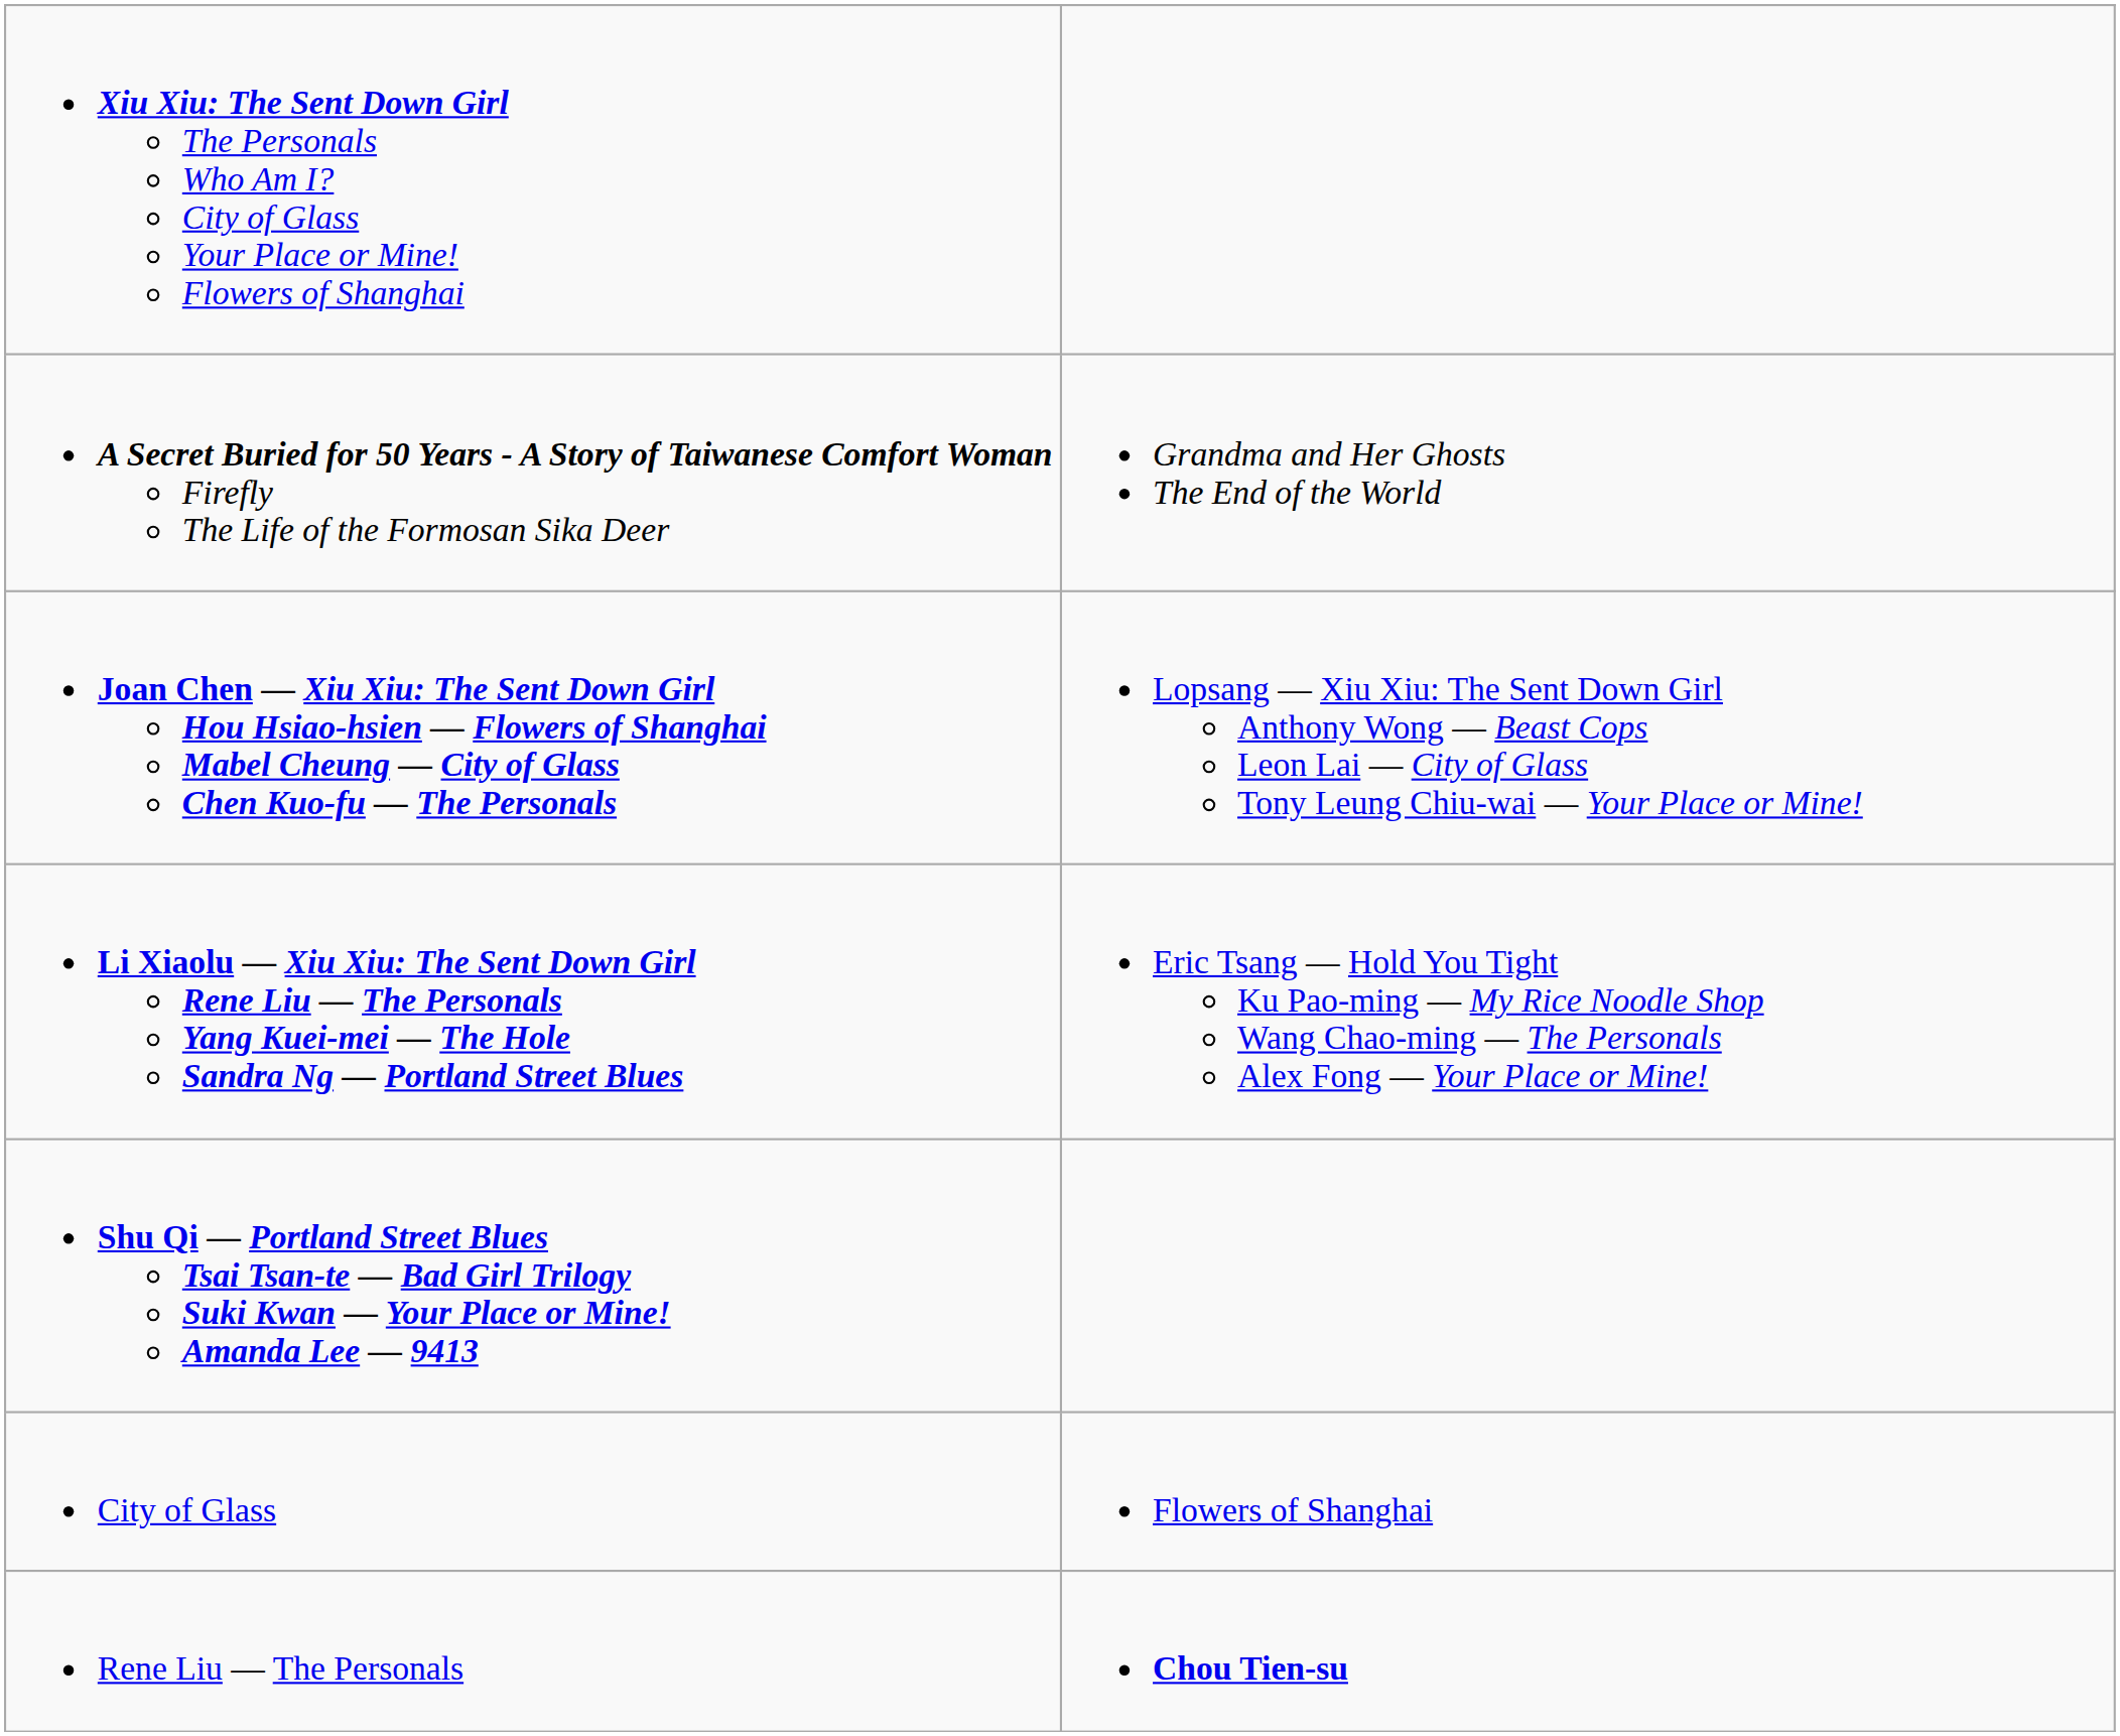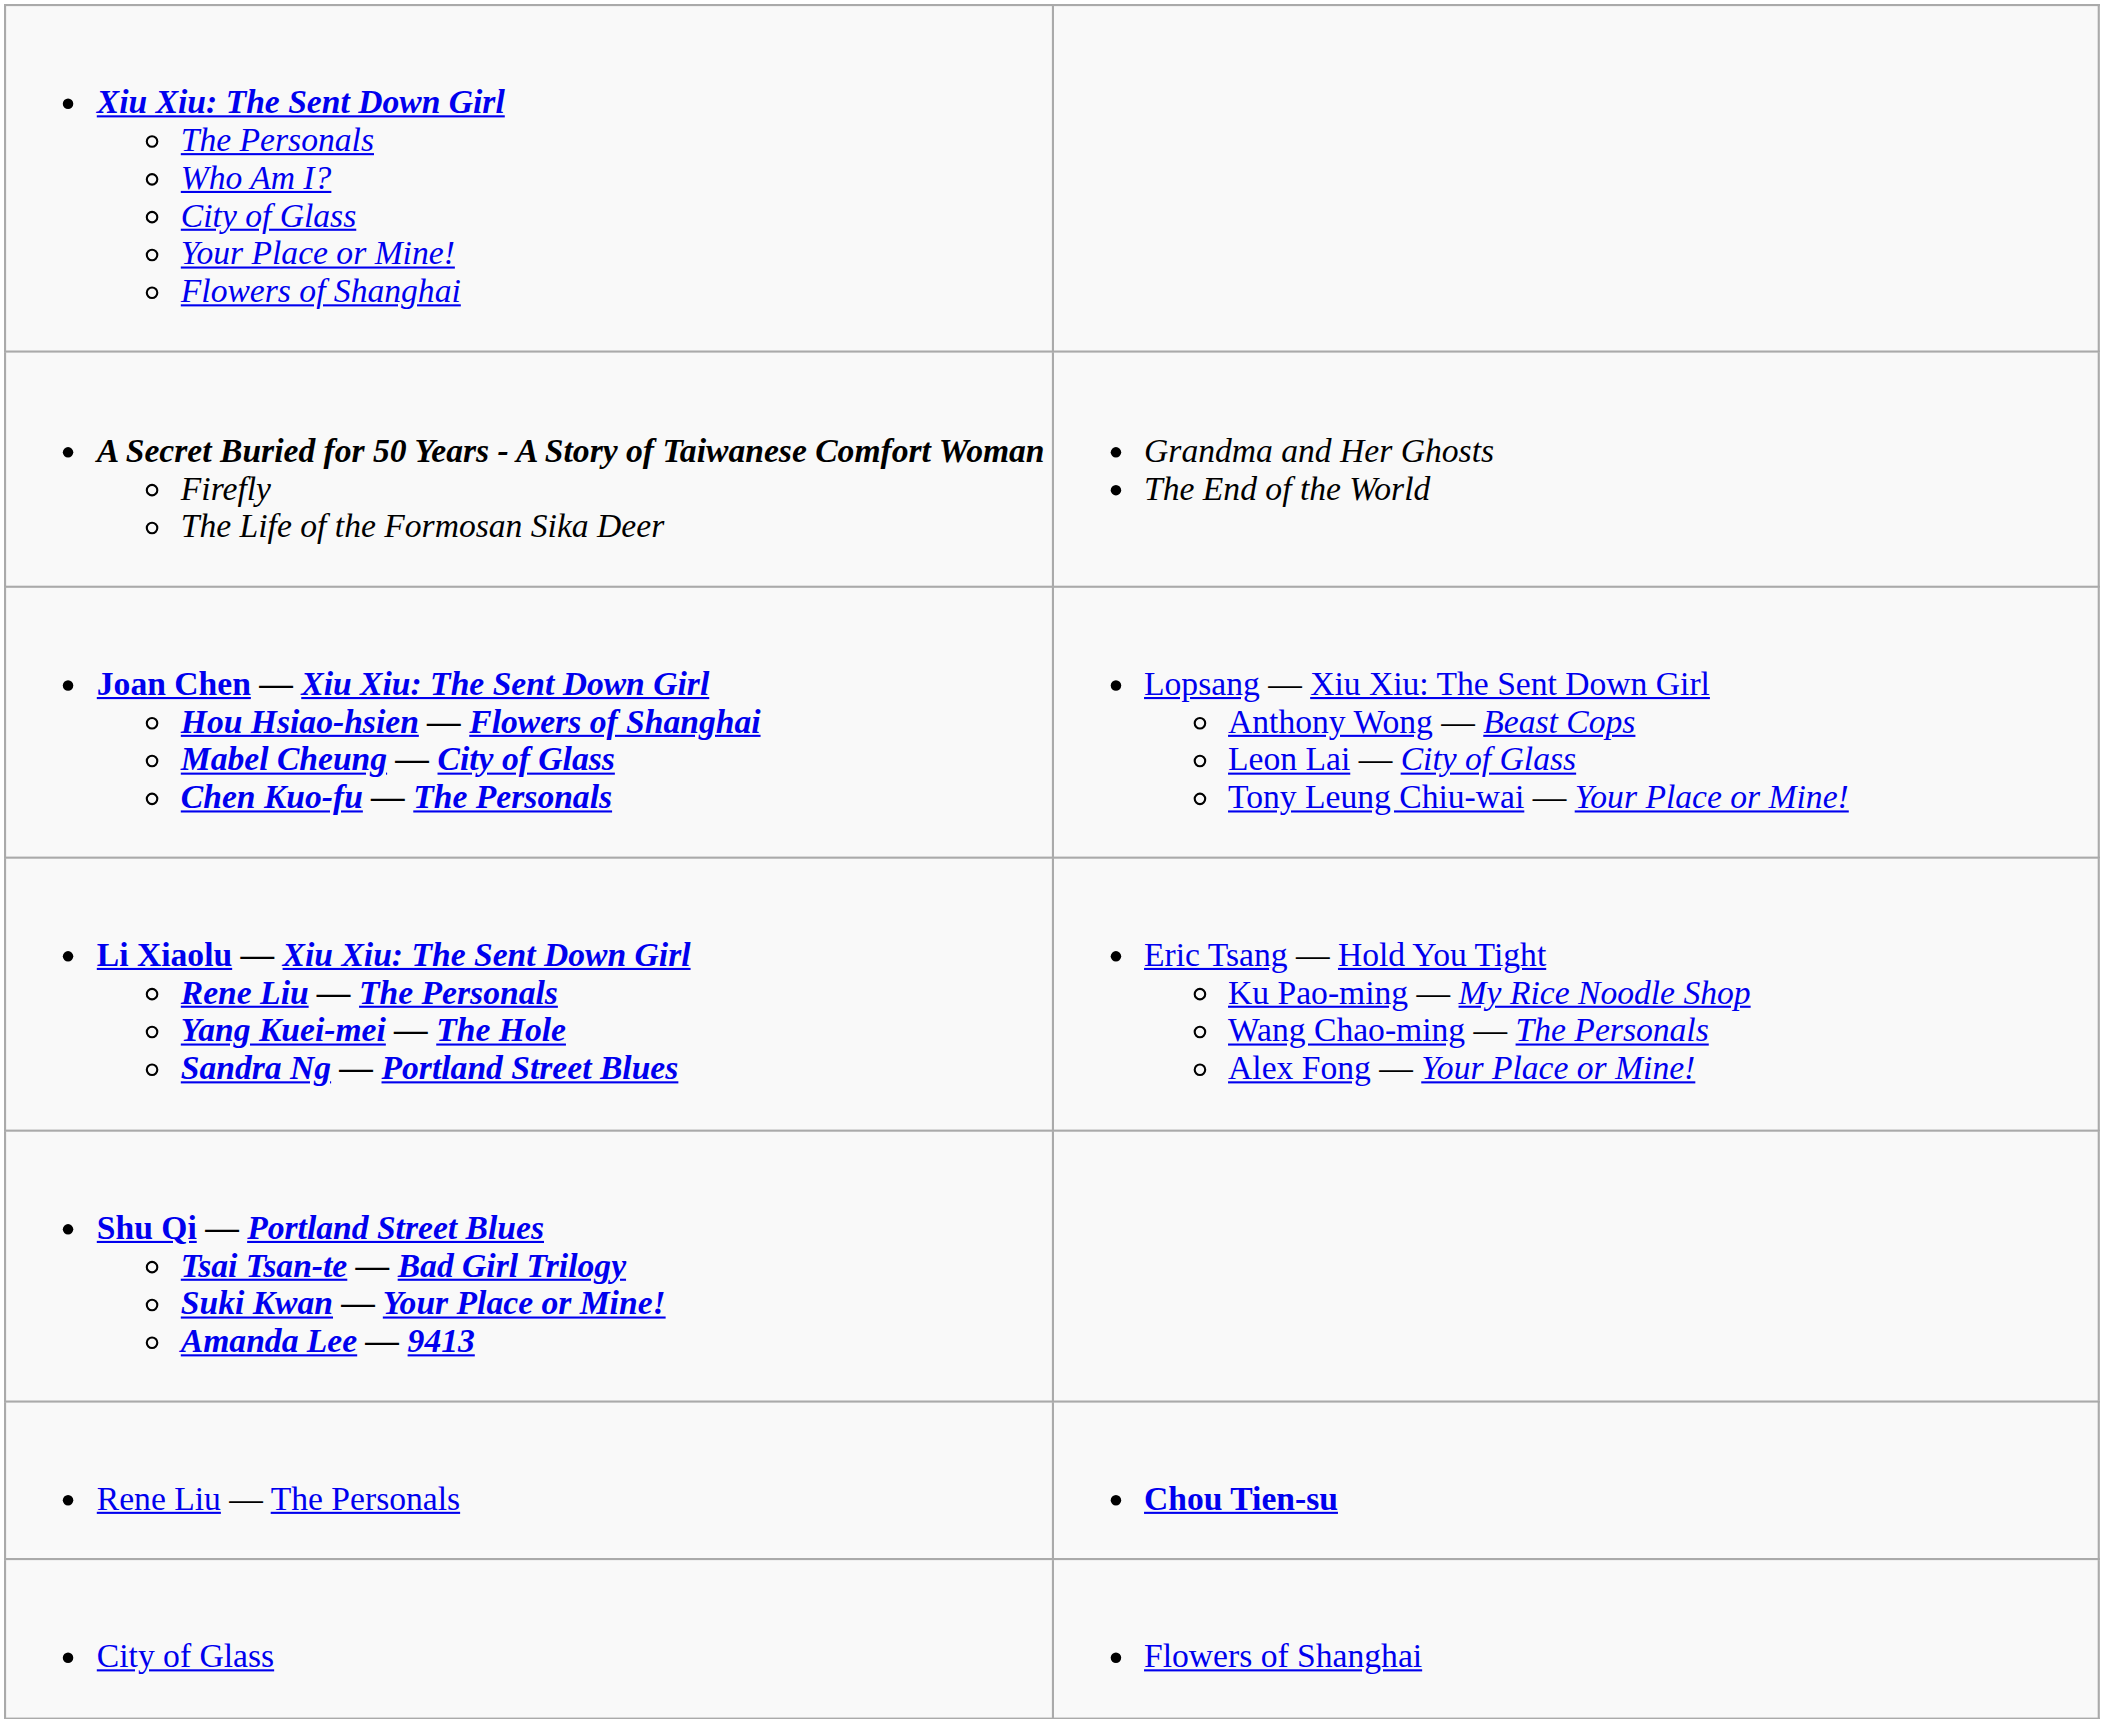 <table class=wikitable>
 <tr>
 <td valign="top" width="50%"><br><ul><li><strong><em><a href='#'>Xiu Xiu: The Sent Down Girl</a></em></strong><ul><li><em><a href='#'>The Personals</a></em></li><li><em><a href='#'>Who Am I?</a></em></li><li><em><a href='#'>City of Glass</a></em></li><li><em><a href='#'>Your Place or Mine!</a></em></li><li><em><a href='#'>Flowers of Shanghai</a></em></li></ul></li></ul></td>
 <td valign="top" width="50%"><br> </td>
 </tr>
 <tr>
 <td valign="top" width="50%"><br><ul><li><strong><em>A Secret Buried for 50 Years - A Story of Taiwanese Comfort Woman</em></strong><ul><li><em>Firefly</em></li><li><em>The Life of the Formosan Sika Deer</em></li></ul></li></ul></td>
 <td valign="top" width="50%"><br><ul><li><em>Grandma and Her Ghosts</em></li><li><em>The End of the World</em></li></ul></td>
 </tr>
 <tr>
 <td valign="top" width="50%"><br><ul><li><strong><a href='#'>Joan Chen</a> — <em><a href='#'>Xiu Xiu: The Sent Down Girl</a><strong><em><ul><li><a href='#'>Hou Hsiao-hsien</a>  — </em><a href='#'>Flowers of Shanghai</a><em></li><li><a href='#'>Mabel Cheung</a> — </em><a href='#'>City of Glass</a><em></li><li><a href='#'>Chen Kuo-fu</a> — </em><a href='#'>The Personals</a><em></li></ul></li></ul></td>
 <td valign="top" width="50%"><br><ul><li></strong><a href='#'>Lopsang</a> — </em><a href='#'>Xiu Xiu: The Sent Down Girl</a></em></strong><ul><li><a href='#'>Anthony Wong</a> — <em><a href='#'>Beast Cops</a></em></li><li><a href='#'>Leon Lai</a> — <em><a href='#'>City of Glass</a></em></li><li><a href='#'>Tony Leung Chiu-wai</a> — <em><a href='#'>Your Place or Mine!</a></em></li></ul></li></ul></td>
 </tr>
 <tr>
 <td valign="top" width="50%"><br><ul><li><strong><a href='#'>Li Xiaolu</a> — <em><a href='#'>Xiu Xiu: The Sent Down Girl</a><strong><em><ul><li><a href='#'>Rene Liu</a> — </em><a href='#'>The Personals</a><em></li><li><a href='#'>Yang Kuei-mei</a> — </em><a href='#'>The Hole</a><em></li><li><a href='#'>Sandra Ng</a> — </em><a href='#'>Portland Street Blues</a><em></li></ul></li></ul></td>
 <td valign="top" width="50%"><br><ul><li></strong><a href='#'>Eric Tsang</a> — </em><a href='#'>Hold You Tight</a></em></strong><ul><li><a href='#'>Ku Pao-ming</a> — <em><a href='#'>My Rice Noodle Shop</a></em></li><li><a href='#'>Wang Chao-ming</a> — <em><a href='#'>The Personals</a></em></li><li><a href='#'>Alex Fong</a> — <em><a href='#'>Your Place or Mine!</a></em></li></ul></li></ul></td>
 </tr>
 <tr>
 <td valign="top" width="50%"><br><ul><li><strong><a href='#'>Shu Qi</a> — <em><a href='#'>Portland Street Blues</a><strong><em><ul><li><a href='#'>Tsai Tsan-te</a> — </em><a href='#'>Bad Girl Trilogy</a><em></li><li><a href='#'>Suki Kwan</a> — </em><a href='#'>Your Place or Mine!</a><em></li><li><a href='#'>Amanda Lee</a> — </em><a href='#'>9413</a><em></li></ul></li></ul></td>
 </tr>
 <tr>
+<td valign="top" width="50%"><br><ul><li></strong><a href='#'>Rene Liu</a> — </em><a href='#'>The Personals</a></em></strong></li></ul></td>
+<td valign="top" width="50%"><br><ul><li><strong><a href='#'>Chou Tien-su</a></strong></li></ul></td>
+</tr>
+<tr>
 <td valign="top" width="50%"><br><ul><li></em></strong><a href='#'>City of Glass</a><strong><em></li></ul></td>
 <td valign="top" width="50%"><br><ul><li></em></strong><a href='#'>Flowers of Shanghai</a><strong><em></li></ul></td>
 </tr>
-<tr>
-<td valign="top" width="50%"><br><ul><li></strong><a href='#'>Rene Liu</a> — </em><a href='#'>The Personals</a></em></strong></li></ul></td>
-<td valign="top" width="50%"><br><ul><li><strong><a href='#'>Chou Tien-su</a></strong></li></ul></td>
-</tr>
 </table>
